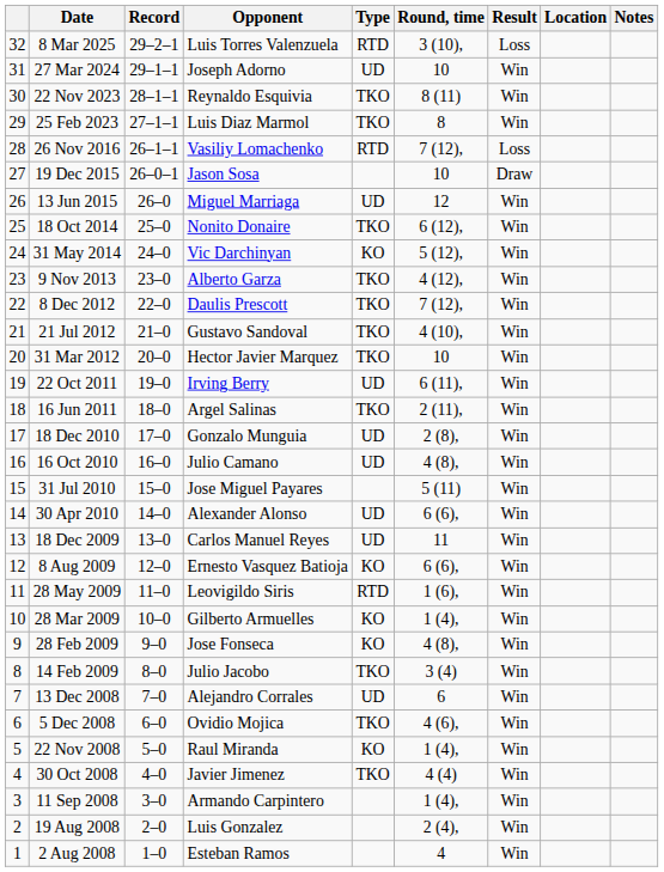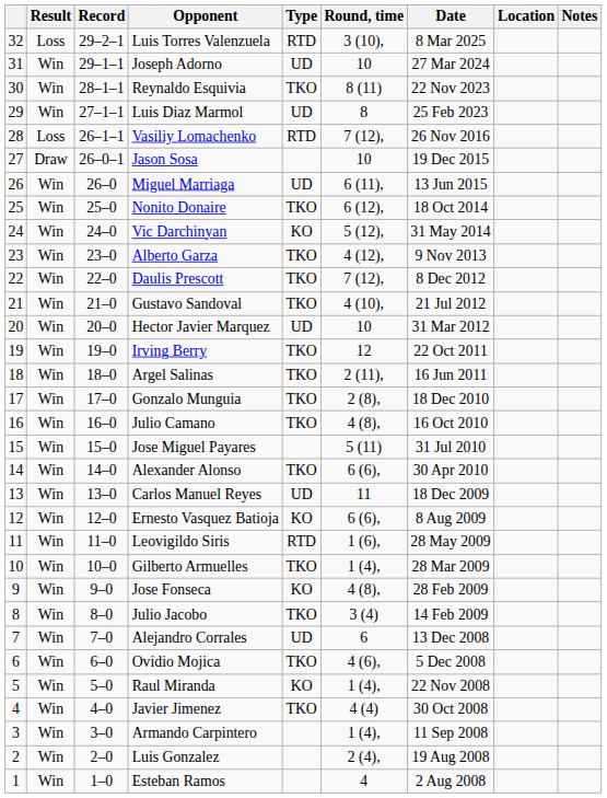 <table class="wikitable" style="text-align:center">
 <tr>
 <th></th>
-<th>Date</th>
+<th>Result</th>
 <th>Record</th>
 <th>Opponent</th>
 <th>Type</th>
 <th>Round, time</th>
-<th>Result</th>
+<th>Date</th>
 <th>Location</th>
 <th>Notes</th>
 </tr>
 <tr>
 <td>32</td>
-<td>8 Mar 2025</td>
+<td>Loss</td>
 <td>29–2–1</td>
 <td style="text-align:left;">Luis Torres Valenzuela</td>
 <td>RTD</td>
 <td>3 (10), </td>
-<td>Loss</td>
+<td>8 Mar 2025</td>
 <td style="text-align:left;"></td>
 <td></td>
 </tr>
 <tr>
 <td>31</td>
-<td>27 Mar 2024</td>
+<td>Win</td>
 <td>29–1–1</td>
 <td style="text-align:left;">Joseph Adorno</td>
 <td>UD</td>
 <td>10</td>
-<td>Win</td>
+<td>27 Mar 2024</td>
 <td style="text-align:left;"></td>
 <td></td>
 </tr>
 <tr>
 <td>30</td>
-<td>22 Nov 2023</td>
+<td>Win</td>
 <td>28–1–1</td>
 <td style="text-align:left;">Reynaldo Esquivia</td>
 <td>TKO</td>
 <td>8 (11)</td>
-<td>Win</td>
+<td>22 Nov 2023</td>
 <td style="text-align:left;"></td>
 <td></td>
 </tr>
 <tr>
 <td>29</td>
-<td>25 Feb 2023</td>
+<td>Win</td>
 <td>27–1–1</td>
 <td style="text-align:left;">Luis Diaz Marmol</td>
-<td>TKO</td>
+<td>UD</td>
 <td>8</td>
-<td>Win</td>
+<td>25 Feb 2023</td>
 <td style="text-align:left;"></td>
 <td></td>
 </tr>
 <tr>
 <td>28</td>
-<td>26 Nov 2016</td>
+<td>Loss</td>
 <td>26–1–1</td>
 <td style="text-align:left;"><a href='#'>Vasiliy Lomachenko</a></td>
 <td>RTD</td>
 <td>7 (12), </td>
-<td>Loss</td>
+<td>26 Nov 2016</td>
 <td style="text-align:left;"></td>
 <td style="text-align:left;"></td>
 </tr>
 <tr>
 <td>27</td>
-<td>19 Dec 2015</td>
+<td>Draw</td>
 <td>26–0–1</td>
 <td style="text-align:left;"><a href='#'>Jason Sosa</a></td>
 <td></td>
 <td>10</td>
-<td>Draw</td>
+<td>19 Dec 2015</td>
 <td style="text-align:left;"></td>
 <td></td>
 </tr>
 <tr>
 <td>26</td>
-<td>13 Jun 2015</td>
+<td>Win</td>
 <td>26–0</td>
 <td style="text-align:left;"><a href='#'>Miguel Marriaga</a></td>
 <td>UD</td>
-<td>12</td>
-<td>Win</td>
+<td>6 (11), </td>
+<td>13 Jun 2015</td>
 <td style="text-align:left;"></td>
 <td style="text-align:left;"></td>
 </tr>
 <tr>
 <td>25</td>
-<td>18 Oct 2014</td>
+<td>Win</td>
 <td>25–0</td>
 <td style="text-align:left;"><a href='#'>Nonito Donaire</a></td>
 <td>TKO</td>
 <td>6 (12), </td>
-<td>Win</td>
+<td>18 Oct 2014</td>
 <td style="text-align:left;"></td>
 <td style="text-align:left;"></td>
 </tr>
 <tr>
 <td>24</td>
-<td>31 May 2014</td>
+<td>Win</td>
 <td>24–0</td>
 <td style="text-align:left;"><a href='#'>Vic Darchinyan</a></td>
 <td>KO</td>
 <td>5 (12), </td>
-<td>Win</td>
+<td>31 May 2014</td>
 <td style="text-align:left;"></td>
 <td style="text-align:left;"></td>
 </tr>
 <tr>
 <td>23</td>
-<td>9 Nov 2013</td>
+<td>Win</td>
 <td>23–0</td>
 <td style="text-align:left;"><a href='#'>Alberto Garza</a></td>
 <td>TKO</td>
 <td>4 (12), </td>
-<td>Win</td>
+<td>9 Nov 2013</td>
 <td style="text-align:left;"></td>
 <td style="text-align:left;"></td>
 </tr>
 <tr>
 <td>22</td>
-<td>8 Dec 2012</td>
+<td>Win</td>
 <td>22–0</td>
 <td style="text-align:left;"><a href='#'>Daulis Prescott</a></td>
 <td>TKO</td>
 <td>7 (12), </td>
-<td>Win</td>
+<td>8 Dec 2012</td>
 <td style="text-align:left;"></td>
 <td style="text-align:left;"></td>
 </tr>
 <tr>
 <td>21</td>
-<td>21 Jul 2012</td>
+<td>Win</td>
 <td>21–0</td>
 <td style="text-align:left;">Gustavo Sandoval</td>
 <td>TKO</td>
 <td>4 (10), </td>
-<td>Win</td>
+<td>21 Jul 2012</td>
 <td style="text-align:left;"></td>
 <td></td>
 </tr>
 <tr>
 <td>20</td>
-<td>31 Mar 2012</td>
+<td>Win</td>
 <td>20–0</td>
 <td style="text-align:left;">Hector Javier Marquez</td>
-<td>TKO</td>
+<td>UD</td>
 <td>10</td>
-<td>Win</td>
+<td>31 Mar 2012</td>
 <td style="text-align:left;"></td>
 <td></td>
 </tr>
 <tr>
 <td>19</td>
-<td>22 Oct 2011</td>
+<td>Win</td>
 <td>19–0</td>
 <td style="text-align:left;"><a href='#'>Irving Berry</a></td>
-<td>UD</td>
-<td>6 (11), </td>
-<td>Win</td>
+<td>TKO</td>
+<td>12</td>
+<td>22 Oct 2011</td>
 <td style="text-align:left;"></td>
 <td style="text-align:left;"></td>
 </tr>
 <tr>
 <td>18</td>
-<td>16 Jun 2011</td>
+<td>Win</td>
 <td>18–0</td>
 <td style="text-align:left;">Argel Salinas</td>
 <td>TKO</td>
 <td>2 (11), </td>
-<td>Win</td>
+<td>16 Jun 2011</td>
 <td style="text-align:left;"></td>
 <td style="text-align:left;"></td>
 </tr>
 <tr>
 <td>17</td>
-<td>18 Dec 2010</td>
+<td>Win</td>
 <td>17–0</td>
 <td style="text-align:left;">Gonzalo Munguia</td>
-<td>UD</td>
+<td>TKO</td>
 <td>2 (8), </td>
-<td>Win</td>
+<td>18 Dec 2010</td>
 <td style="text-align:left;"></td>
 <td style="text-align:left;"></td>
 </tr>
 <tr>
 <td>16</td>
-<td>16 Oct 2010</td>
+<td>Win</td>
 <td>16–0</td>
 <td style="text-align:left;">Julio Camano</td>
-<td>UD</td>
+<td>TKO</td>
 <td>4 (8), </td>
-<td>Win</td>
+<td>16 Oct 2010</td>
 <td style="text-align:left;"></td>
 <td></td>
 </tr>
 <tr>
 <td>15</td>
-<td>31 Jul 2010</td>
+<td>Win</td>
 <td>15–0</td>
 <td style="text-align:left;">Jose Miguel Payares</td>
 <td></td>
 <td>5 (11)</td>
-<td>Win</td>
+<td>31 Jul 2010</td>
 <td style="text-align:left;"></td>
 <td style="text-align:left;"></td>
 </tr>
 <tr>
 <td>14</td>
-<td>30 Apr 2010</td>
+<td>Win</td>
 <td>14–0</td>
 <td style="text-align:left;">Alexander Alonso</td>
-<td>UD</td>
+<td>TKO</td>
 <td>6 (6), </td>
-<td>Win</td>
+<td>30 Apr 2010</td>
 <td style="text-align:left;"></td>
 <td></td>
 </tr>
 <tr>
 <td>13</td>
-<td>18 Dec 2009</td>
+<td>Win</td>
 <td>13–0</td>
 <td style="text-align:left;">Carlos Manuel Reyes</td>
 <td>UD</td>
 <td>11</td>
-<td>Win</td>
+<td>18 Dec 2009</td>
 <td style="text-align:left;"></td>
 <td style="text-align:left;"></td>
 </tr>
 <tr>
 <td>12</td>
-<td>8 Aug 2009</td>
+<td>Win</td>
 <td>12–0</td>
 <td style="text-align:left;">Ernesto Vasquez Batioja</td>
 <td>KO</td>
 <td>6 (6), </td>
-<td>Win</td>
+<td>8 Aug 2009</td>
 <td style="text-align:left;"></td>
 <td></td>
 </tr>
 <tr>
 <td>11</td>
-<td>28 May 2009</td>
+<td>Win</td>
 <td>11–0</td>
 <td style="text-align:left;">Leovigildo Siris</td>
 <td>RTD</td>
 <td>1 (6), </td>
-<td>Win</td>
+<td>28 May 2009</td>
 <td style="text-align:left;"></td>
 <td></td>
 </tr>
 <tr>
 <td>10</td>
-<td>28 Mar 2009</td>
+<td>Win</td>
 <td>10–0</td>
 <td style="text-align:left;">Gilberto Armuelles</td>
-<td>KO</td>
+<td>TKO</td>
 <td>1 (4), </td>
-<td>Win</td>
+<td>28 Mar 2009</td>
 <td style="text-align:left;"></td>
 <td></td>
 </tr>
 <tr>
 <td>9</td>
-<td>28 Feb 2009</td>
+<td>Win</td>
 <td>9–0</td>
 <td style="text-align:left;">Jose Fonseca</td>
 <td>KO</td>
 <td>4 (8), </td>
-<td>Win</td>
+<td>28 Feb 2009</td>
 <td style="text-align:left;"></td>
 <td></td>
 </tr>
 <tr>
 <td>8</td>
-<td>14 Feb 2009</td>
+<td>Win</td>
 <td>8–0</td>
 <td style="text-align:left;">Julio Jacobo</td>
 <td>TKO</td>
 <td>3 (4)</td>
-<td>Win</td>
+<td>14 Feb 2009</td>
 <td style="text-align:left;"></td>
 <td></td>
 </tr>
 <tr>
 <td>7</td>
-<td>13 Dec 2008</td>
+<td>Win</td>
 <td>7–0</td>
 <td style="text-align:left;">Alejandro Corrales</td>
 <td>UD</td>
 <td>6</td>
-<td>Win</td>
+<td>13 Dec 2008</td>
 <td style="text-align:left;"></td>
 <td></td>
 </tr>
 <tr>
 <td>6</td>
-<td>5 Dec 2008</td>
+<td>Win</td>
 <td>6–0</td>
 <td style="text-align:left;">Ovidio Mojica</td>
 <td>TKO</td>
 <td>4 (6), </td>
-<td>Win</td>
+<td>5 Dec 2008</td>
 <td style="text-align:left;"></td>
 <td></td>
 </tr>
 <tr>
 <td>5</td>
-<td>22 Nov 2008</td>
+<td>Win</td>
 <td>5–0</td>
 <td style="text-align:left;">Raul Miranda</td>
 <td>KO</td>
 <td>1 (4), </td>
-<td>Win</td>
+<td>22 Nov 2008</td>
 <td style="text-align:left;"></td>
 <td></td>
 </tr>
 <tr>
 <td>4</td>
-<td>30 Oct 2008</td>
+<td>Win</td>
 <td>4–0</td>
 <td style="text-align:left;">Javier Jimenez</td>
 <td>TKO</td>
 <td>4 (4)</td>
-<td>Win</td>
+<td>30 Oct 2008</td>
 <td style="text-align:left;"></td>
 <td></td>
 </tr>
 <tr>
 <td>3</td>
-<td>11 Sep 2008</td>
+<td>Win</td>
 <td>3–0</td>
 <td style="text-align:left;">Armando Carpintero</td>
 <td></td>
 <td>1 (4), </td>
-<td>Win</td>
+<td>11 Sep 2008</td>
 <td style="text-align:left;"></td>
 <td></td>
 </tr>
 <tr>
 <td>2</td>
-<td>19 Aug 2008</td>
+<td>Win</td>
 <td>2–0</td>
 <td style="text-align:left;">Luis Gonzalez</td>
 <td></td>
 <td>2 (4), </td>
-<td>Win</td>
+<td>19 Aug 2008</td>
 <td style="text-align:left;"></td>
 <td></td>
 </tr>
 <tr>
 <td>1</td>
-<td>2 Aug 2008</td>
+<td>Win</td>
 <td>1–0</td>
 <td style="text-align:left;">Esteban Ramos</td>
 <td></td>
 <td>4</td>
-<td>Win</td>
+<td>2 Aug 2008</td>
 <td style="text-align:left;"></td>
 <td></td>
 </tr>
 </table>
